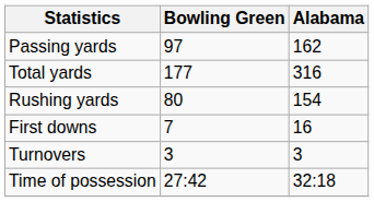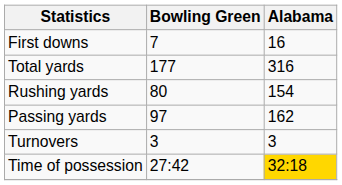 <table class="wikitable" style="float: left;">
 <tr>
 <th>Statistics</th>
 <th style=>Bowling Green</th>
 <th>Alabama</th>
 </tr>
 <tr>
-<td>Passing yards</td>
-<td>97</td>
-<td>162</td>
+<td>First downs</td>
+<td>7</td>
+<td>16</td>
 </tr>
 <tr>
 <td>Total yards</td>
 <td>177</td>
 <td>316</td>
 </tr>
 <tr>
 <td>Rushing yards</td>
 <td>80</td>
 <td>154</td>
 </tr>
 <tr>
-<td>First downs</td>
-<td>7</td>
-<td>16</td>
+<td>Passing yards</td>
+<td>97</td>
+<td>162</td>
 </tr>
 <tr>
 <td>Turnovers</td>
 <td>3</td>
 <td>3</td>
 </tr>
 <tr>
 <td>Time of possession</td>
 <td>27:42</td>
-<td>32:18</td>
+<td style="background: gold;">32:18</td>
 </tr>
 <tr>
 </tr>
 </table>
